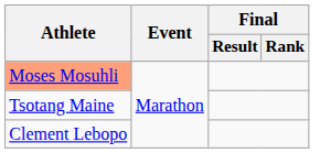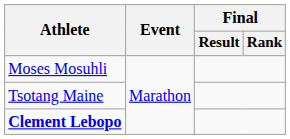 <table class=wikitable style="font-size:90%">
 <tr>
 <th rowspan="2">Athlete</th>
 <th rowspan="2">Event</th>
 <th colspan="2">Final</th>
 </tr>
 <tr style="font-size:95%">
 <th>Result</th>
 <th>Rank</th>
 </tr>
 <tr align=center>
-<td align=left style="background: lightsalmon;"><a href='#'>Moses Mosuhli</a></td>
+<td align=left><a href='#'>Moses Mosuhli</a></td>
 <td align=left rowspan=3><a href='#'>Marathon</a></td>
 <td colspan=2></td>
 </tr>
 <tr align=center>
 <td align=left><a href='#'>Tsotang Maine</a></td>
 <td colspan=2></td>
 </tr>
 <tr align=center>
-<td align=left><a href='#'>Clement Lebopo</a></td>
+<td align=left><strong><a href='#'>Clement Lebopo</a></strong></td>
 <td colspan=2></td>
 </tr>
 </table>
